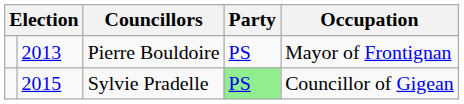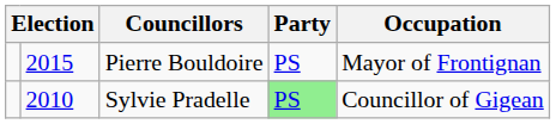 <table class="wikitable">
 <tr>
 <th colspan="2">Election</th>
 <th>Councillors</th>
 <th>Party</th>
 <th>Occupation</th>
 </tr>
 <tr>
 <td style="background-color: "></td>
-<td><a href='#'>2013</a></td>
+<td><a href='#'>2015</a></td>
 <td>Pierre Bouldoire</td>
 <td><a href='#'>PS</a></td>
 <td>Mayor of <a href='#'>Frontignan</a></td>
 </tr>
 <tr>
 <td style="background-color: "></td>
-<td><a href='#'>2015</a></td>
+<td><a href='#'>2010</a></td>
 <td>Sylvie Pradelle</td>
 <td style="background: lightgreen;"><a href='#'>PS</a></td>
 <td>Councillor of <a href='#'>Gigean</a></td>
 </tr>
 </table>
